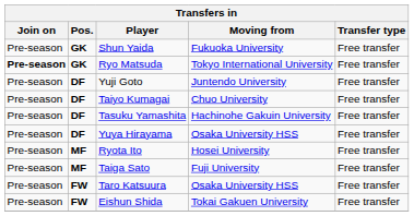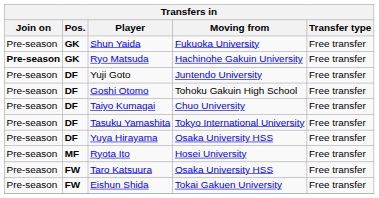 <table class="wikitable sortable" style=“text-align:left;>
 <tr>
 <th colspan="5">Transfers in</th>
 </tr>
 <tr>
 <th>Join on</th>
 <th>Pos.</th>
 <th>Player</th>
 <th>Moving from</th>
 <th>Transfer type</th>
 </tr>
 <tr>
 <td>Pre-season</td>
 <td><strong>GK</strong></td>
 <td> <a href='#'>Shun Yaida</a></td>
 <td> <a href='#'>Fukuoka University</a></td>
 <td>Free transfer</td>
 </tr>
 <tr>
 <td><strong>Pre-season</strong></td>
 <td><strong>GK</strong></td>
 <td> <a href='#'>Ryo Matsuda</a></td>
-<td> <a href='#'>Tokyo International University</a></td>
+<td> <a href='#'>Hachinohe Gakuin University</a></td>
 <td>Free transfer</td>
 </tr>
 <tr>
 <td>Pre-season</td>
 <td><strong>DF</strong></td>
 <td> Yuji Goto</td>
 <td> <a href='#'>Juntendo University</a></td>
+<td>Free transfer</td>
+</tr>
+<tr>
+<td>Pre-season</td>
+<td><strong>DF</strong></td>
+<td> <a href='#'>Goshi Otomo</a></td>
+<td> Tohoku Gakuin High School</td>
 <td>Free transfer</td>
 </tr>
 <tr>
 <td>Pre-season</td>
 <td><strong>DF</strong></td>
 <td> <a href='#'>Taiyo Kumagai</a></td>
 <td> <a href='#'>Chuo University</a></td>
 <td>Free transfer</td>
 </tr>
 <tr>
 <td>Pre-season</td>
 <td><strong>DF</strong></td>
 <td> <a href='#'>Tasuku Yamashita</a></td>
-<td> <a href='#'>Hachinohe Gakuin University</a></td>
+<td> <a href='#'>Tokyo International University</a></td>
 <td>Free transfer</td>
 </tr>
 <tr>
 <td>Pre-season</td>
 <td><strong>DF</strong></td>
 <td> <a href='#'>Yuya Hirayama</a></td>
 <td> <a href='#'>Osaka University HSS</a></td>
 <td>Free transfer</td>
 </tr>
 <tr>
 <td>Pre-season</td>
 <td><strong>MF</strong></td>
 <td> <a href='#'>Ryota Ito</a></td>
 <td> <a href='#'>Hosei University</a></td>
-<td>Free transfer</td>
-</tr>
-<tr>
-<td>Pre-season</td>
-<td><strong>MF</strong></td>
-<td> <a href='#'>Taiga Sato</a></td>
-<td> <a href='#'>Fuji University</a></td>
 <td>Free transfer</td>
 </tr>
 <tr>
 <td>Pre-season</td>
 <td><strong>FW</strong></td>
 <td> <a href='#'>Taro Katsuura</a></td>
 <td> <a href='#'>Osaka University HSS</a></td>
 <td>Free transfer</td>
 </tr>
 <tr>
 <td>Pre-season</td>
 <td><strong>FW</strong></td>
 <td> <a href='#'>Eishun Shida</a></td>
 <td> <a href='#'>Tokai Gakuen University</a></td>
 <td>Free transfer</td>
 </tr>
 <tr>
 </tr>
 </table>
